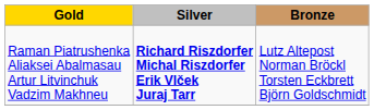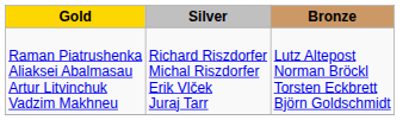 <table class="wikitable">
 <tr>
 <td align=center bgcolor=gold> <strong>Gold</strong></td>
 <td align=center bgcolor=silver> <strong>Silver</strong></td>
 <td align=center bgcolor=cc9966> <strong>Bronze</strong></td>
 </tr>
 <tr>
 <td><br><a href='#'>Raman Piatrushenka</a><br><a href='#'>Aliaksei Abalmasau</a><br><a href='#'>Artur Litvinchuk</a><br><a href='#'>Vadzim Makhneu</a></td>
-<td><strong><br><a href='#'>Richard Riszdorfer</a><br><a href='#'>Michal Riszdorfer</a><br><a href='#'>Erik Vlček</a><br><a href='#'>Juraj Tarr</a></strong></td>
+<td><br><a href='#'>Richard Riszdorfer</a><br><a href='#'>Michal Riszdorfer</a><br><a href='#'>Erik Vlček</a><br><a href='#'>Juraj Tarr</a></td>
 <td><br><a href='#'>Lutz Altepost</a><br><a href='#'>Norman Bröckl</a><br><a href='#'>Torsten Eckbrett</a><br><a href='#'>Björn Goldschmidt</a></td>
 </tr>
 <tr>
 </tr>
 </table>
